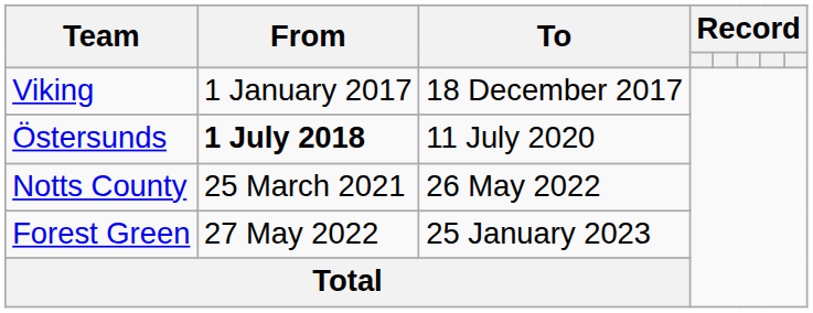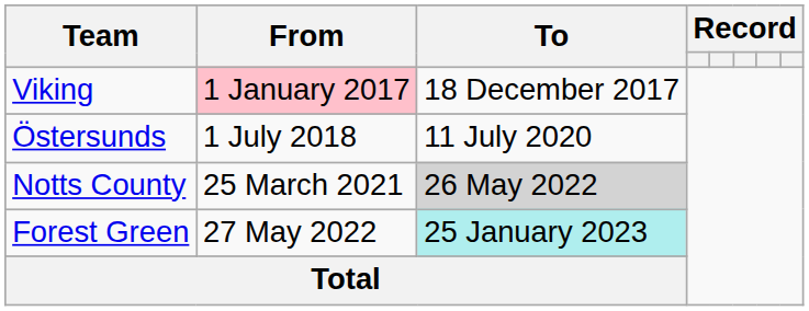 <table class="wikitable">
 <tr>
 <th rowspan="2">Team</th>
 <th rowspan="2">From</th>
 <th rowspan="2">To</th>
 <th colspan="5">Record</th>
 </tr>
 <tr>
 <th></th>
 <th></th>
 <th></th>
 <th></th>
 <th></th>
 </tr>
 <tr>
 <td align=left><a href='#'>Viking</a></td>
-<td align=left>1 January 2017</td>
+<td align=left style="background: pink;">1 January 2017</td>
 <td align=left>18 December 2017<br></td>
 </tr>
 <tr>
 <td align=left><a href='#'>Östersunds</a></td>
-<td align=left><strong>1 July 2018</strong></td>
+<td align=left>1 July 2018</td>
 <td align=left>11 July 2020<br></td>
 </tr>
 <tr>
 <td align=left><a href='#'>Notts County</a></td>
 <td align=left>25 March 2021</td>
-<td align=left>26 May 2022<br></td>
+<td align=left style="background: lightgrey;">26 May 2022<br></td>
 </tr>
 <tr>
 <td align=left><a href='#'>Forest Green</a></td>
 <td align=left>27 May 2022</td>
-<td align=left>25 January 2023<br></td>
+<td align=left style="background: paleturquoise;">25 January 2023<br></td>
 </tr>
 <tr>
 <th colspan="3">Total<br></th>
 </tr>
 </table>
